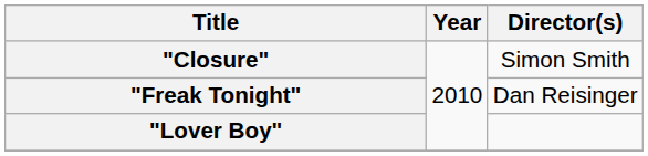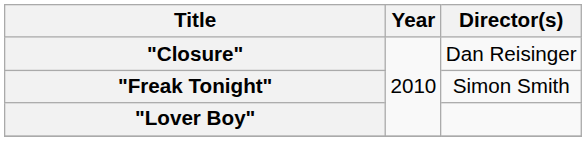 <table class="wikitable plainrowheaders" style="text-align:center;" border="1">
 <tr>
 <th scope="col" style="width:18em;">Title</th>
 <th scope="col">Year</th>
 <th scope="col">Director(s)</th>
 </tr>
 <tr>
 <th scope="row">"Closure"</th>
 <td rowspan="3">2010</td>
-<td>Simon Smith</td>
+<td>Dan Reisinger</td>
 </tr>
 <tr>
 <th scope="row">"Freak Tonight"</th>
-<td>Dan Reisinger</td>
+<td>Simon Smith</td>
 </tr>
 <tr>
 <th scope="row">"Lover Boy"</th>
 <td></td>
 </tr>
 <tr>
 </tr>
 </table>
